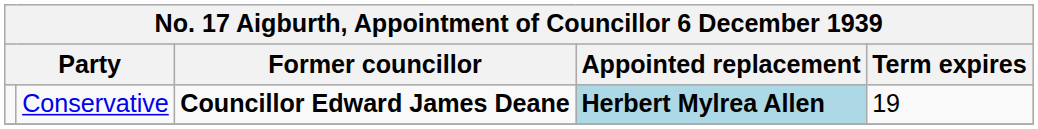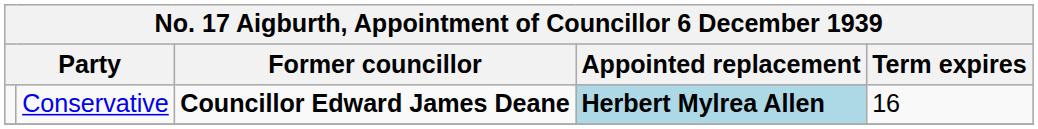 <table class="wikitable">
 <tr>
 <th colspan="5"><strong>No. 17 Aigburth, Appointment of Councillor 6 December 1939</strong></th>
 </tr>
 <tr>
 <th colspan="2">Party</th>
 <th>Former councillor</th>
 <th>Appointed replacement</th>
 <th>Term expires</th>
 </tr>
 <tr>
 <td style="background-color:"></td>
 <td><a href='#'>Conservative</a></td>
 <td><strong>Councillor Edward James Deane</strong></td>
 <td style="background: lightblue;"><strong>Herbert Mylrea Allen</strong></td>
-<td>19</td>
+<td>16</td>
 </tr>
 <tr>
 </tr>
 </table>
